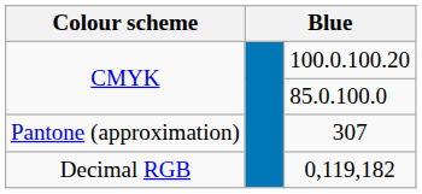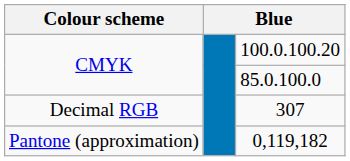 <table class="wikitable">
 <tr>
 <th>Colour scheme</th>
 <th colspan="2" style="width:100px;">Blue</th>
 </tr>
 <tr align=center>
 <td rowspan="2"><a href='#'>CMYK</a></td>
 <td rowspan="4" style="background:#0077B6; width:20px;"></td>
 <td>100.0.100.20</td>
 </tr>
 <tr>
 <td>85.0.100.0</td>
 </tr>
 <tr align=center>
-<td><a href='#'>Pantone</a> (approximation)</td>
+<td>Decimal <a href='#'>RGB</a></td>
 <td>307</td>
 </tr>
 <tr align=center>
-<td>Decimal <a href='#'>RGB</a></td>
+<td><a href='#'>Pantone</a> (approximation)</td>
 <td>0,119,182</td>
 </tr>
 </table>
